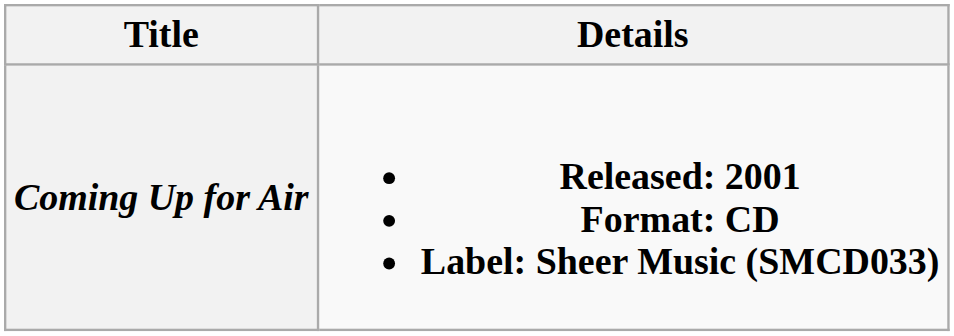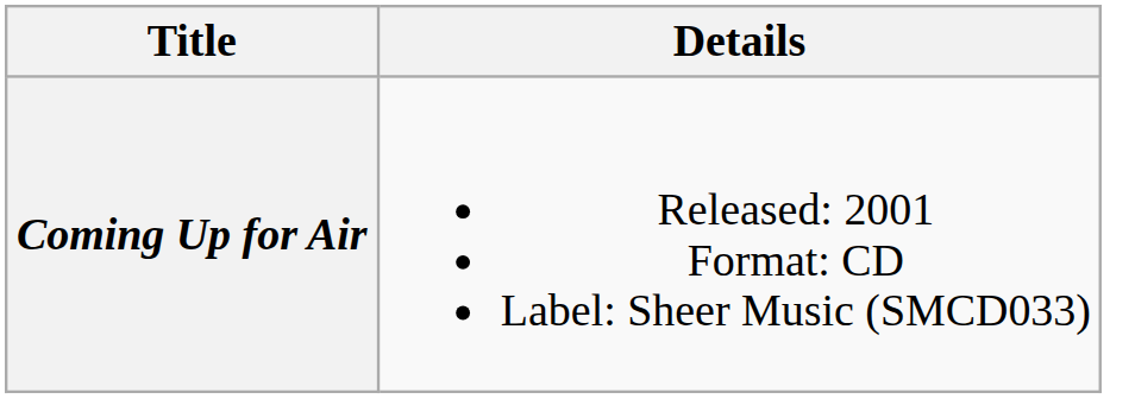 <table class="wikitable plainrowheaders" style="text-align:center;" border="1">
 <tr>
 <th>Title</th>
 <th>Details</th>
 </tr>
 <tr>
 <th scope="row"><em>Coming Up for Air</em></th>
-<td><strong><br><ul><li>Released: 2001</li><li>Format: CD</li><li>Label: Sheer Music (SMCD033)</li></ul></strong></td>
+<td><br><ul><li>Released: 2001</li><li>Format: CD</li><li>Label: Sheer Music (SMCD033)</li></ul></td>
 </tr>
 </table>
